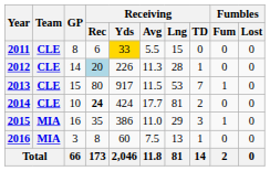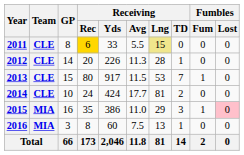 <table class=wikitable style="text-align:center;">
 <tr>
 <th rowspan="2">Year</th>
 <th rowspan="2">Team</th>
 <th rowspan="2">GP</th>
 <th colspan="5">Receiving</th>
 <th colspan="2">Fumbles</th>
 </tr>
 <tr>
 <th>Rec</th>
 <th>Yds</th>
 <th>Avg</th>
 <th>Lng</th>
 <th>TD</th>
 <th>Fum</th>
 <th>Lost</th>
 </tr>
 <tr>
 <th><a href='#'>2011</a></th>
 <th><a href='#'>CLE</a></th>
 <td>8</td>
-<td>6</td>
-<td style="background: gold;">33</td>
+<td style="background: gold;">6</td>
+<td>33</td>
 <td>5.5</td>
-<td>15</td>
+<td style="background: khaki;">15</td>
 <td>0</td>
 <td>0</td>
 <td>0</td>
 </tr>
 <tr>
 <th><a href='#'>2012</a></th>
 <th><a href='#'>CLE</a></th>
 <td>14</td>
-<td style="background: lightblue;">20</td>
+<td>20</td>
 <td>226</td>
 <td>11.3</td>
 <td>28</td>
 <td>1</td>
 <td>0</td>
 <td>0</td>
 </tr>
 <tr>
 <th><a href='#'>2013</a></th>
 <th><a href='#'>CLE</a></th>
 <td>15</td>
 <td>80</td>
 <td>917</td>
 <td>11.5</td>
 <td>53</td>
 <td>7</td>
 <td>1</td>
 <td>0</td>
 </tr>
 <tr>
 <th><a href='#'>2014</a></th>
 <th><a href='#'>CLE</a></th>
 <td>10</td>
-<td><strong>24</strong></td>
+<td>24</td>
 <td>424</td>
 <td>17.7</td>
 <td>81</td>
 <td>2</td>
 <td>0</td>
 <td>0</td>
 </tr>
 <tr>
 <th><a href='#'>2015</a></th>
 <th><a href='#'>MIA</a></th>
 <td>16</td>
 <td>35</td>
 <td>386</td>
 <td>11.0</td>
 <td>29</td>
 <td>3</td>
 <td>1</td>
-<td>0</td>
+<td style="background: pink;">0</td>
 </tr>
 <tr>
 <th><a href='#'>2016</a></th>
 <th><a href='#'>MIA</a></th>
 <td>3</td>
 <td>8</td>
 <td>60</td>
 <td>7.5</td>
 <td>13</td>
 <td>1</td>
 <td>0</td>
 <td>0</td>
 </tr>
 <tr>
 <th colspan="2">Total</th>
 <th>66</th>
 <th>173</th>
 <th>2,046</th>
 <th>11.8</th>
 <th>81</th>
 <th>14</th>
 <th>2</th>
 <th>0</th>
 </tr>
 </table>
